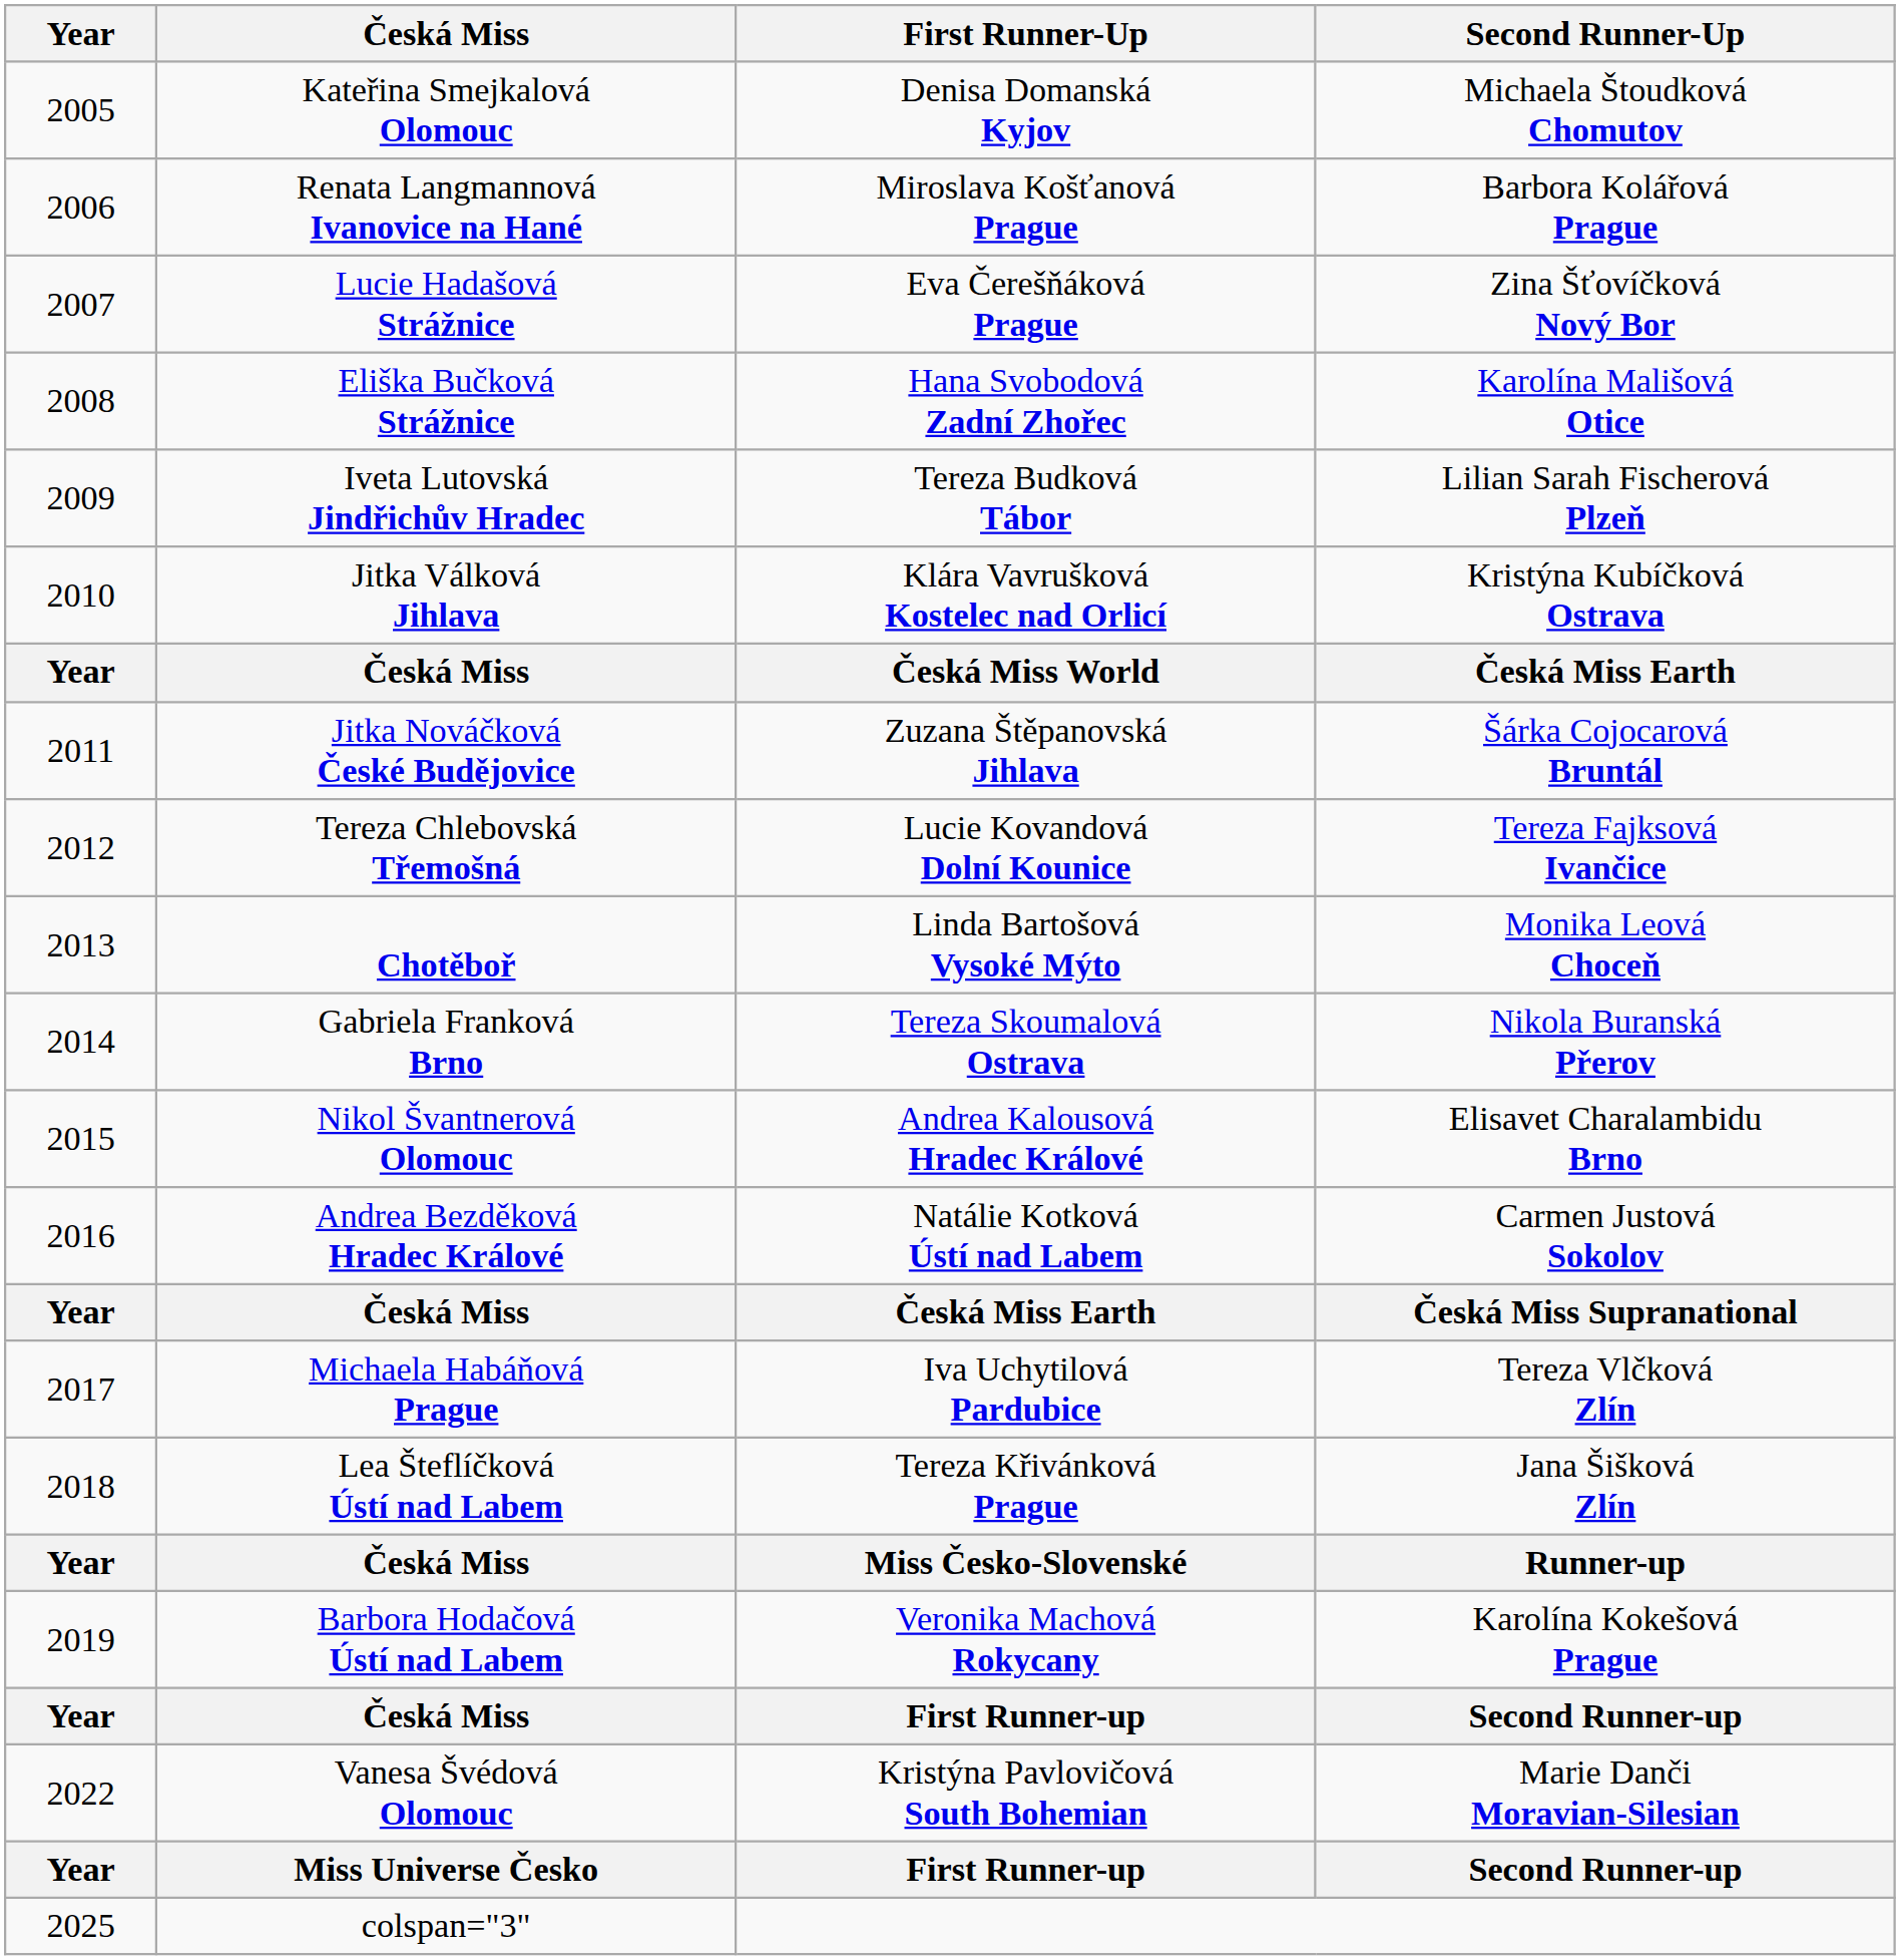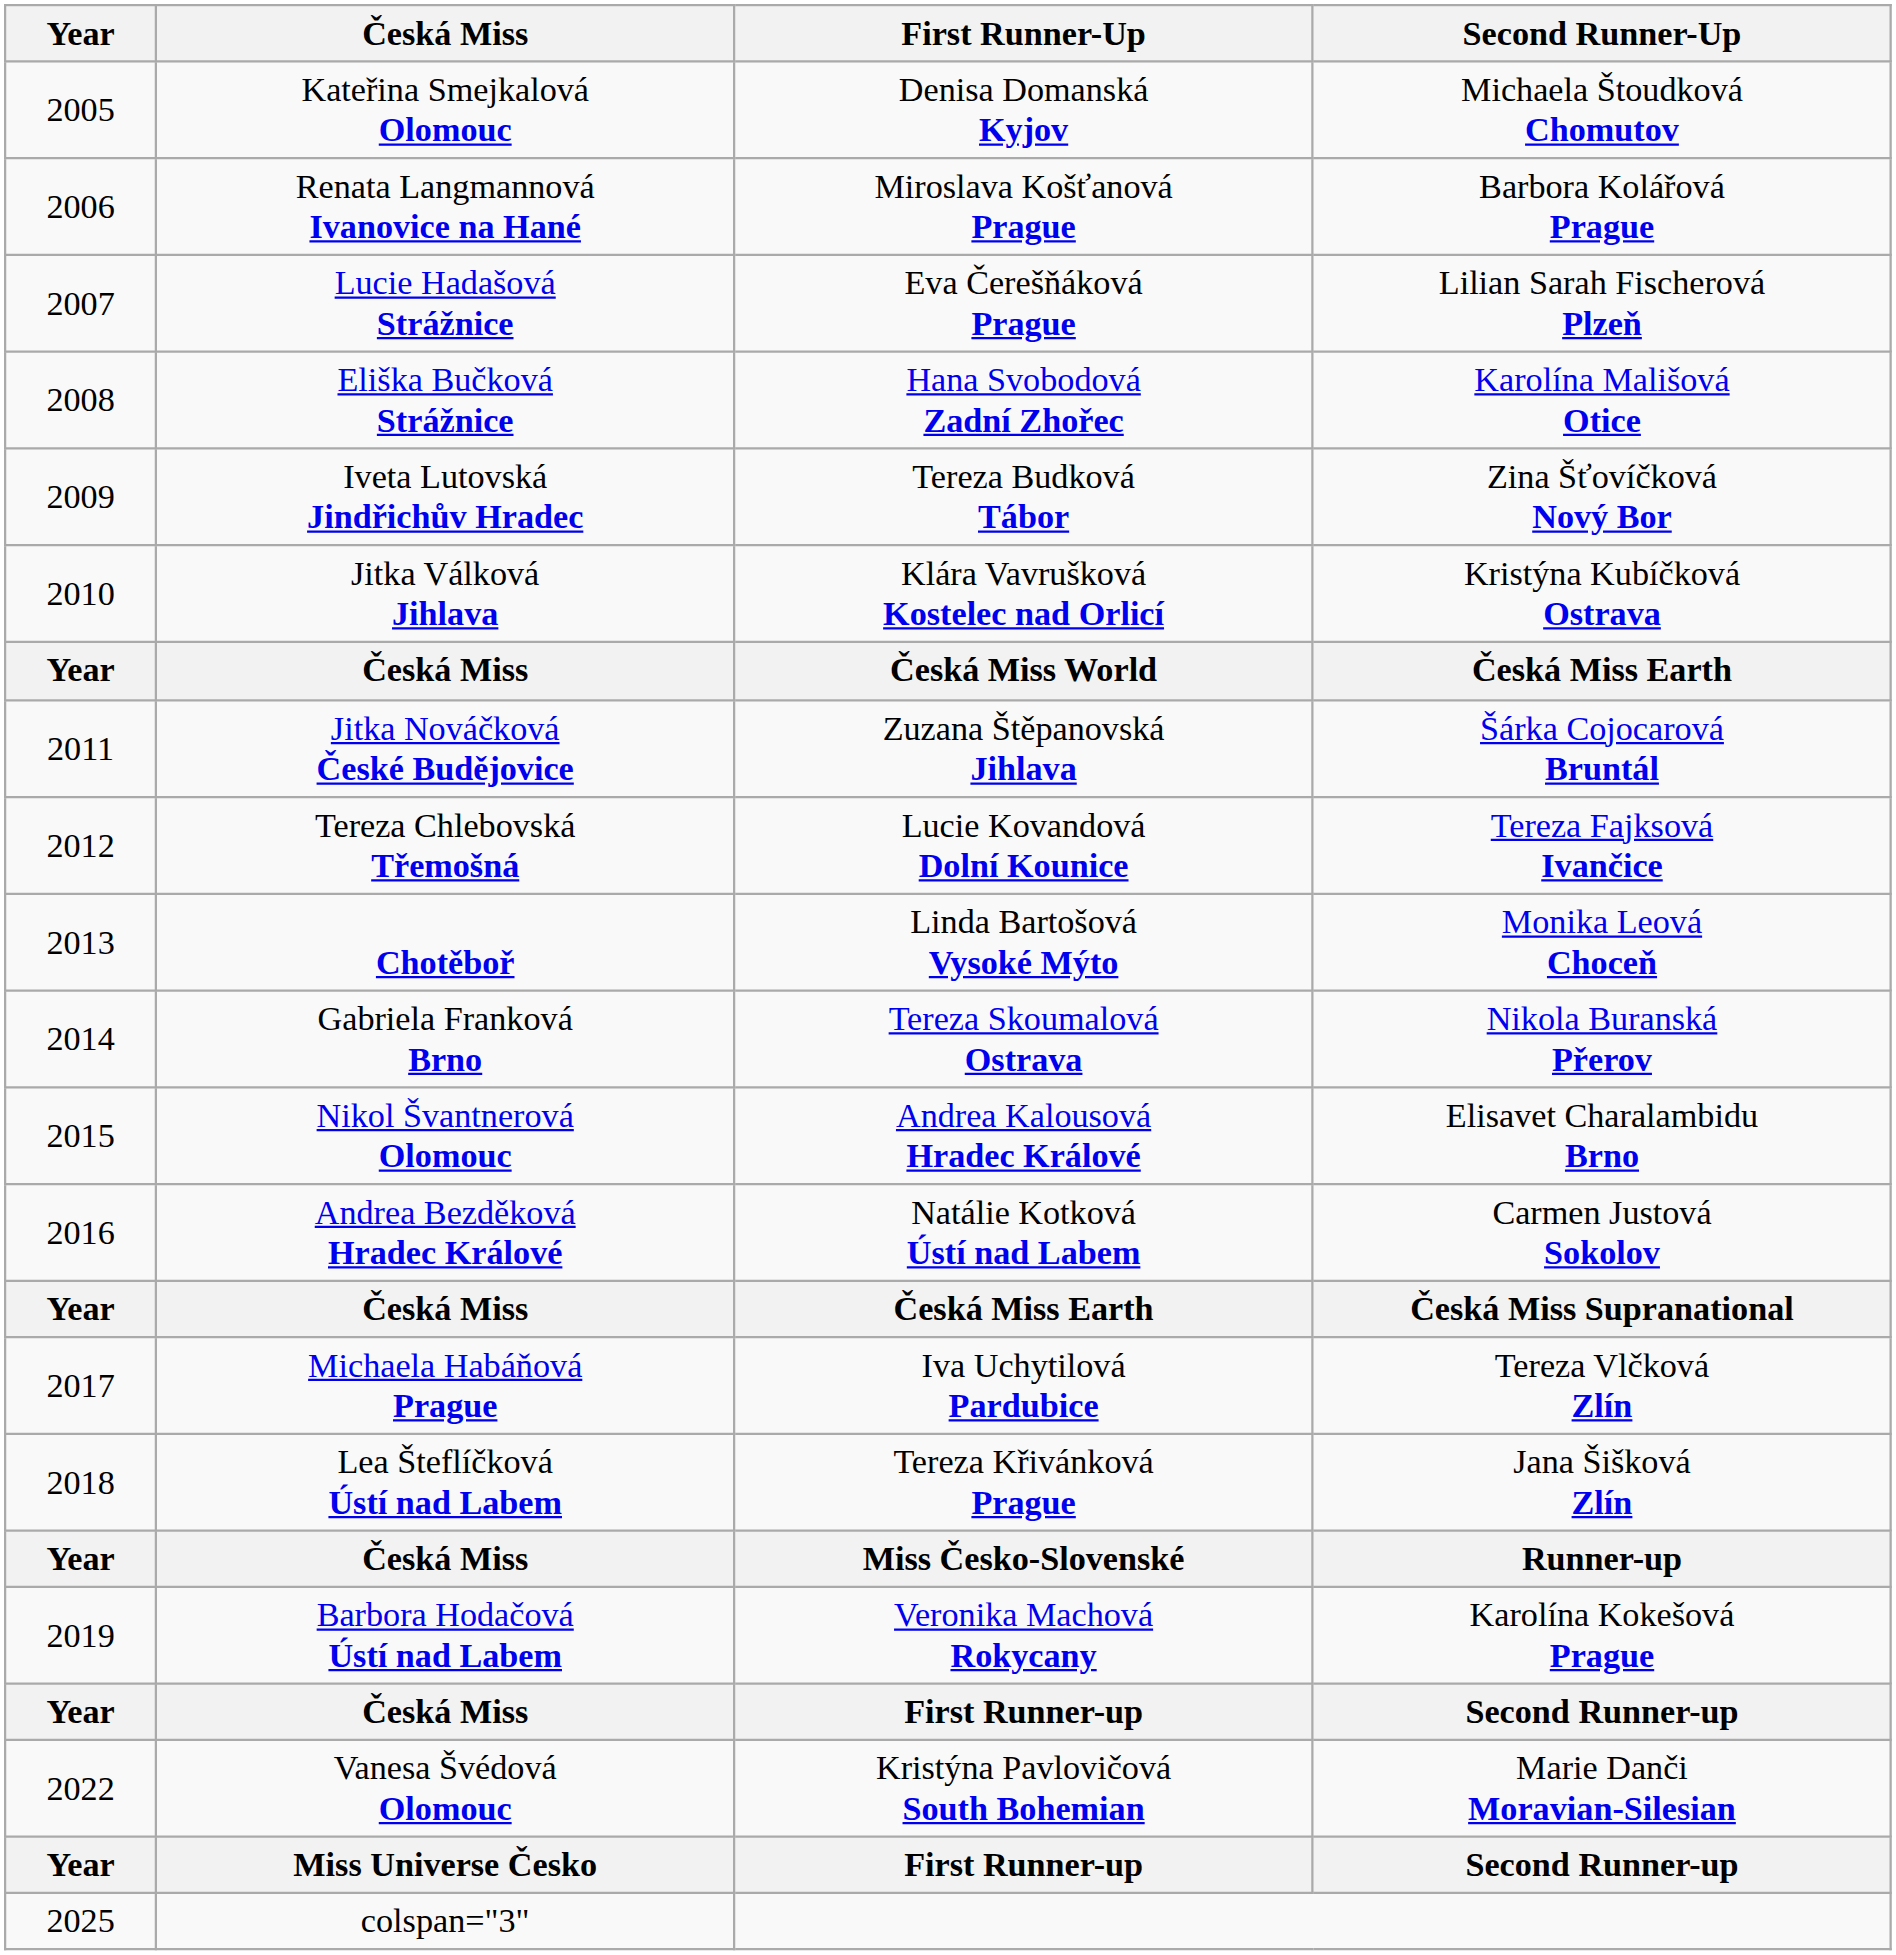 <table class="wikitable sortable" style="font-size: 95%; text-align:center">
 <tr>
 <th width="60">Year</th>
 <th width="250">Česká Miss</th>
 <th width="250">First Runner-Up</th>
 <th width="250">Second Runner-Up</th>
 </tr>
 <tr>
 <td>2005</td>
 <td>Kateřina Smejkalová<br><strong><a href='#'>Olomouc</a></strong></td>
 <td>Denisa Domanská<br><strong><a href='#'>Kyjov</a></strong></td>
 <td>Michaela Štoudková<br><strong><a href='#'>Chomutov</a></strong></td>
 </tr>
 <tr>
 <td>2006</td>
 <td>Renata Langmannová<br><strong><a href='#'>Ivanovice na Hané</a></strong></td>
 <td>Miroslava Košťanová<br><strong><a href='#'>Prague</a></strong></td>
 <td>Barbora Kolářová<br><strong><a href='#'>Prague</a></strong></td>
 </tr>
 <tr>
 <td>2007</td>
 <td><a href='#'>Lucie Hadašová</a><br><strong><a href='#'>Strážnice</a></strong></td>
 <td>Eva Čerešňáková<br><strong><a href='#'>Prague</a></strong></td>
-<td>Zina Šťovíčková<br><strong><a href='#'>Nový Bor</a></strong></td>
+<td>Lilian Sarah Fischerová<br><strong><a href='#'>Plzeň</a></strong></td>
 </tr>
 <tr>
 <td>2008</td>
 <td><a href='#'>Eliška Bučková</a><br><strong><a href='#'>Strážnice</a></strong></td>
 <td><a href='#'>Hana Svobodová</a><br><strong><a href='#'>Zadní Zhořec</a></strong></td>
 <td><a href='#'>Karolína Mališová</a><br><strong><a href='#'>Otice</a></strong></td>
 </tr>
 <tr>
 <td>2009</td>
 <td>Iveta Lutovská<br><strong><a href='#'>Jindřichův Hradec</a></strong></td>
 <td>Tereza Budková<br><strong><a href='#'>Tábor</a></strong></td>
-<td>Lilian Sarah Fischerová<br><strong><a href='#'>Plzeň</a></strong></td>
+<td>Zina Šťovíčková<br><strong><a href='#'>Nový Bor</a></strong></td>
 </tr>
 <tr>
 <td>2010</td>
 <td>Jitka Válková<br><strong><a href='#'>Jihlava</a></strong></td>
 <td>Klára Vavrušková<br><strong><a href='#'>Kostelec nad Orlicí</a></strong></td>
 <td>Kristýna Kubíčková<br><strong><a href='#'>Ostrava</a></strong></td>
 </tr>
 <tr>
 <th width="60">Year</th>
 <th width="250">Česká Miss</th>
 <th width="250">Česká Miss World</th>
 <th width="250">Česká Miss Earth</th>
 </tr>
 <tr>
 <td>2011</td>
 <td><a href='#'>Jitka Nováčková</a><br><strong><a href='#'>České Budějovice</a></strong></td>
 <td>Zuzana Štěpanovská<br><strong><a href='#'>Jihlava</a></strong></td>
 <td><a href='#'>Šárka Cojocarová</a><br><strong><a href='#'>Bruntál</a></strong></td>
 </tr>
 <tr>
 <td>2012</td>
 <td>Tereza Chlebovská<br><strong><a href='#'>Třemošná</a></strong></td>
 <td>Lucie Kovandová<br><strong><a href='#'>Dolní Kounice</a></strong></td>
 <td><a href='#'>Tereza Fajksová</a><br><strong><a href='#'>Ivančice</a></strong></td>
 </tr>
 <tr>
 <td>2013</td>
 <td><br><strong><a href='#'>Chotěboř</a></strong></td>
 <td>Linda Bartošová<br><strong><a href='#'>Vysoké Mýto</a></strong></td>
 <td><a href='#'>Monika Leová</a><br><strong><a href='#'>Choceň</a></strong></td>
 </tr>
 <tr>
 <td>2014</td>
 <td>Gabriela Franková<br><strong><a href='#'>Brno</a></strong></td>
 <td><a href='#'>Tereza Skoumalová</a><br><strong><a href='#'>Ostrava</a></strong></td>
 <td><a href='#'>Nikola Buranská</a><br><strong><a href='#'>Přerov</a></strong></td>
 </tr>
 <tr>
 <td>2015</td>
 <td><a href='#'>Nikol Švantnerová</a><br><strong><a href='#'>Olomouc</a></strong></td>
 <td><a href='#'>Andrea Kalousová</a><br><strong><a href='#'>Hradec Králové</a></strong></td>
 <td>Elisavet Charalambidu<br><strong><a href='#'>Brno</a></strong></td>
 </tr>
 <tr>
 <td>2016</td>
 <td><a href='#'>Andrea Bezděková</a><br><strong><a href='#'>Hradec Králové</a></strong></td>
 <td>Natálie Kotková<br><strong><a href='#'>Ústí nad Labem</a></strong></td>
 <td>Carmen Justová<br><strong><a href='#'>Sokolov</a></strong></td>
 </tr>
 <tr>
 <th width="60">Year</th>
 <th width="250">Česká Miss</th>
 <th width="250">Česká Miss Earth</th>
 <th width="250">Česká Miss Supranational</th>
 </tr>
 <tr>
 <td>2017</td>
 <td><a href='#'>Michaela Habáňová</a><br><strong><a href='#'>Prague</a></strong></td>
 <td>Iva Uchytilová<br><strong><a href='#'>Pardubice</a></strong></td>
 <td>Tereza Vlčková<br><strong><a href='#'>Zlín</a></strong></td>
 </tr>
 <tr>
 <td>2018</td>
 <td>Lea Šteflíčková<br><strong><a href='#'>Ústí nad Labem</a></strong></td>
 <td>Tereza Křivánková<br><strong><a href='#'>Prague</a></strong></td>
 <td>Jana Šišková<br><strong><a href='#'>Zlín</a></strong></td>
 </tr>
 <tr>
 <th width="60">Year</th>
 <th width="250">Česká Miss</th>
 <th width="250">Miss Česko-Slovenské</th>
 <th width="250">Runner-up</th>
 </tr>
 <tr>
 <td>2019</td>
 <td><a href='#'>Barbora Hodačová</a><br><strong><a href='#'>Ústí nad Labem</a></strong></td>
 <td><a href='#'>Veronika Machová</a><br><strong><a href='#'>Rokycany</a></strong></td>
 <td>Karolína Kokešová<br><strong><a href='#'>Prague</a></strong></td>
 </tr>
 <tr>
 <th width="60">Year</th>
 <th width="250">Česká Miss</th>
 <th width="250">First Runner-up</th>
 <th width="250">Second Runner-up</th>
 </tr>
 <tr>
 <td>2022</td>
 <td>Vanesa Švédová<br><strong><a href='#'>Olomouc</a></strong></td>
 <td>Kristýna Pavlovičová<br><strong><a href='#'>South Bohemian</a></strong></td>
 <td>Marie Danči<br><strong><a href='#'>Moravian-Silesian</a></strong></td>
 </tr>
 <tr>
 <th width="60">Year</th>
 <th width="250">Miss Universe Česko</th>
 <th width="250">First Runner-up</th>
 <th width="250">Second Runner-up</th>
 </tr>
 <tr>
 <td>2025</td>
 <td>colspan="3" </td>
 </tr>
 </table>
